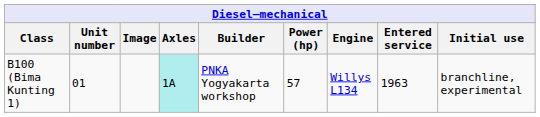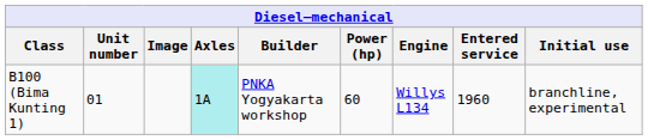 <table class="wikitable">
 <tr>
 <th colspan="9" style="align: centre; background: lavender;"><a href='#'>Diesel–mechanical</a></th>
 </tr>
 <tr>
 <th>Class</th>
 <th>Unit number</th>
 <th>Image</th>
 <th>Axles</th>
 <th>Builder</th>
 <th>Power (hp)</th>
 <th>Engine</th>
 <th>Entered service</th>
 <th>Initial use</th>
 </tr>
 <tr>
 <td>B100 (Bima Kunting 1)</td>
 <td>01</td>
 <td></td>
 <td style="background: paleturquoise;">1A</td>
 <td> <a href='#'>PNKA</a> Yogyakarta workshop</td>
-<td>57</td>
+<td>60</td>
 <td><a href='#'>Willys L134</a></td>
-<td>1963</td>
+<td>1960</td>
 <td>branchline, experimental</td>
 </tr>
 </table>
